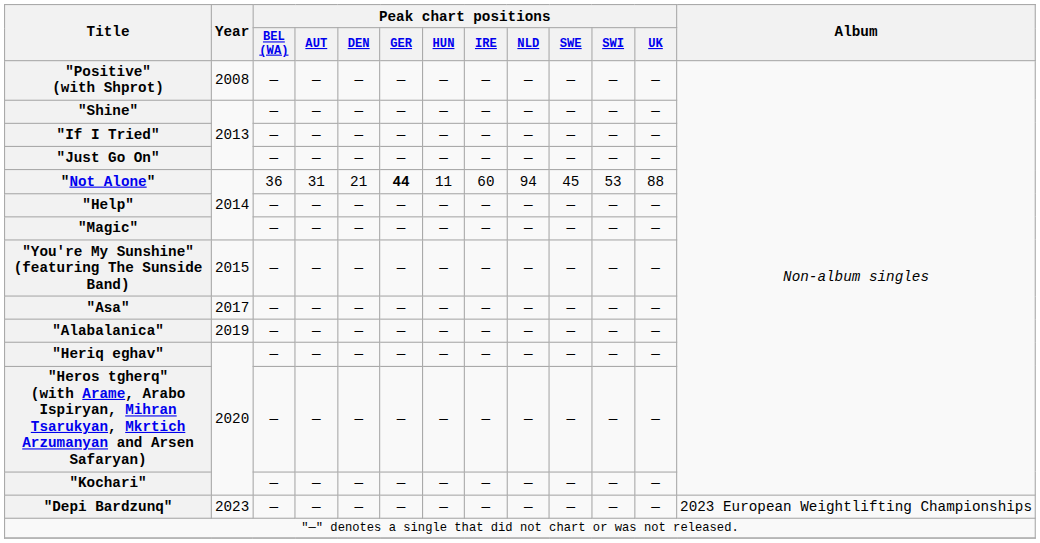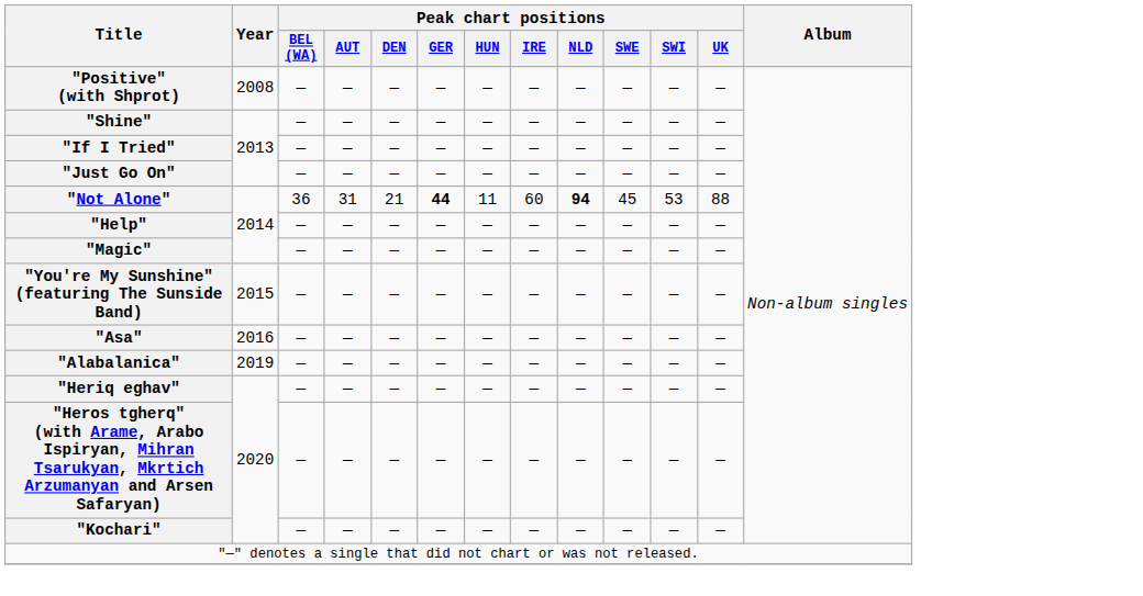 <table class="wikitable plainrowheaders" style="text-align:center;">
 <tr>
 <th scope="col" rowspan="2" style="width:14em;">Title</th>
 <th scope="col" rowspan="2">Year</th>
 <th scope="col" colspan="10">Peak chart positions</th>
 <th scope="col" rowspan="2">Album</th>
 </tr>
 <tr>
 <th scope="col" style="width:3em;font-size:85%;"><a href='#'>BEL<br>(WA)</a><br></th>
 <th scope="col" style="width:3em;font-size:85%;"><a href='#'>AUT</a><br></th>
 <th scope="col" style="width:3em;font-size:85%;"><a href='#'>DEN</a><br></th>
 <th scope="col" style="width:3em;font-size:85%;"><a href='#'>GER</a><br></th>
 <th scope="col" style="width:3em;font-size:85%;"><a href='#'>HUN</a><br></th>
 <th scope="col" style="width:3em;font-size:85%;"><a href='#'>IRE</a><br></th>
 <th scope="col" style="width:3em;font-size:85%;"><a href='#'>NLD</a><br></th>
 <th scope="col" style="width:3em;font-size:85%;"><a href='#'>SWE</a><br></th>
 <th scope="col" style="width:3em;font-size:85%;"><a href='#'>SWI</a><br></th>
 <th scope="col" style="width:3em;font-size:85%;"><a href='#'>UK</a><br></th>
 </tr>
 <tr>
 <th scope="row">"Positive"<br><span>(with Shprot)</span></th>
 <td>2008</td>
 <td>—</td>
 <td>—</td>
 <td>—</td>
 <td>—</td>
 <td>—</td>
 <td>—</td>
 <td>—</td>
 <td>—</td>
 <td>—</td>
 <td>—</td>
 <td rowspan="13"><em>Non-album singles</em></td>
 </tr>
 <tr>
 <th scope="row">"Shine"</th>
 <td rowspan="3">2013</td>
 <td>—</td>
 <td>—</td>
 <td>—</td>
 <td>—</td>
 <td>—</td>
 <td>—</td>
 <td>—</td>
 <td>—</td>
 <td>—</td>
 <td>—</td>
 </tr>
 <tr>
 <th scope="row">"If I Tried"</th>
 <td>—</td>
 <td>—</td>
 <td>—</td>
 <td>—</td>
 <td>—</td>
 <td>—</td>
 <td>—</td>
 <td>—</td>
 <td>—</td>
 <td>—</td>
 </tr>
 <tr>
 <th scope="row">"Just Go On"</th>
 <td>—</td>
 <td>—</td>
 <td>—</td>
 <td>—</td>
 <td>—</td>
 <td>—</td>
 <td>—</td>
 <td>—</td>
 <td>—</td>
 <td>—</td>
 </tr>
 <tr>
 <th scope="row">"<a href='#'>Not Alone</a>"</th>
 <td rowspan="3">2014</td>
 <td>36<br></td>
 <td>31</td>
 <td>21</td>
 <td><strong>44</strong></td>
 <td>11</td>
 <td>60</td>
-<td>94</td>
+<td><strong>94</strong></td>
 <td>45</td>
 <td>53</td>
 <td>88</td>
 </tr>
 <tr>
 <th scope="row">"Help"</th>
 <td>—</td>
 <td>—</td>
 <td>—</td>
 <td>—</td>
 <td>—</td>
 <td>—</td>
 <td>—</td>
 <td>—</td>
 <td>—</td>
 <td>—</td>
 </tr>
 <tr>
 <th scope="row">"Magic"</th>
 <td>—</td>
 <td>—</td>
 <td>—</td>
 <td>—</td>
 <td>—</td>
 <td>—</td>
 <td>—</td>
 <td>—</td>
 <td>—</td>
 <td>—</td>
 </tr>
 <tr>
 <th scope="row">"You're My Sunshine"<br><span>(featuring The Sunside Band)</span></th>
 <td>2015</td>
 <td>—</td>
 <td>—</td>
 <td>—</td>
 <td>—</td>
 <td>—</td>
 <td>—</td>
 <td>—</td>
 <td>—</td>
 <td>—</td>
 <td>—</td>
 </tr>
 <tr>
 <th scope="row">"Asa"</th>
-<td>2017</td>
+<td>2016</td>
 <td>—</td>
 <td>—</td>
 <td>—</td>
 <td>—</td>
 <td>—</td>
 <td>—</td>
 <td>—</td>
 <td>—</td>
 <td>—</td>
 <td>—</td>
 </tr>
 <tr>
 <th scope="row">"Alabalanica"</th>
 <td>2019</td>
 <td>—</td>
 <td>—</td>
 <td>—</td>
 <td>—</td>
 <td>—</td>
 <td>—</td>
 <td>—</td>
 <td>—</td>
 <td>—</td>
 <td>—</td>
 </tr>
 <tr>
 <th scope="row">"Heriq eghav"</th>
 <td rowspan="3">2020</td>
 <td>—</td>
 <td>—</td>
 <td>—</td>
 <td>—</td>
 <td>—</td>
 <td>—</td>
 <td>—</td>
 <td>—</td>
 <td>—</td>
 <td>—</td>
 </tr>
 <tr>
 <th scope="row">"Heros tgherq"<br><span>(with <a href='#'>Arame</a>, Arabo Ispiryan, <a href='#'>Mihran Tsarukyan</a>, <a href='#'>Mkrtich Arzumanyan</a> and Arsen Safaryan)</span></th>
 <td>—</td>
 <td>—</td>
 <td>—</td>
 <td>—</td>
 <td>—</td>
 <td>—</td>
 <td>—</td>
 <td>—</td>
 <td>—</td>
 <td>—</td>
 </tr>
 <tr>
 <th scope="row">"Kochari"</th>
 <td>—</td>
 <td>—</td>
 <td>—</td>
 <td>—</td>
 <td>—</td>
 <td>—</td>
 <td>—</td>
 <td>—</td>
 <td>—</td>
 <td>—</td>
 </tr>
 <tr>
-<th scope="row">"Depi Bardzunq"</th>
-<td>2023</td>
-<td>—</td>
-<td>—</td>
-<td>—</td>
-<td>—</td>
-<td>—</td>
-<td>—</td>
-<td>—</td>
-<td>—</td>
-<td>—</td>
-<td>—</td>
-<td>2023 European Weightlifting Championships</td>
-</tr>
-<tr>
 <td colspan="13" style="font-size:85%">"—" denotes a single that did not chart or was not released.</td>
 </tr>
 <tr>
 </tr>
 </table>
